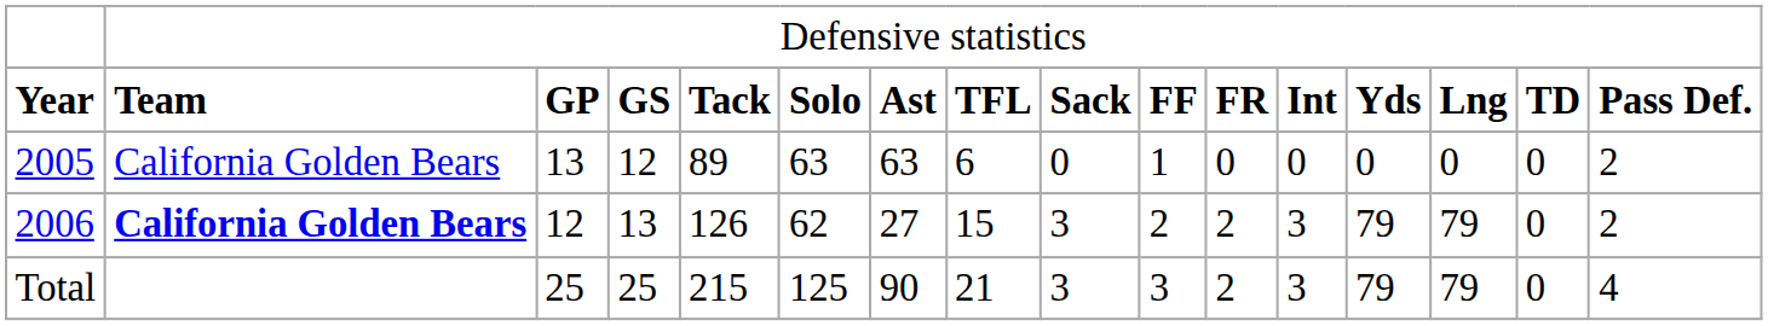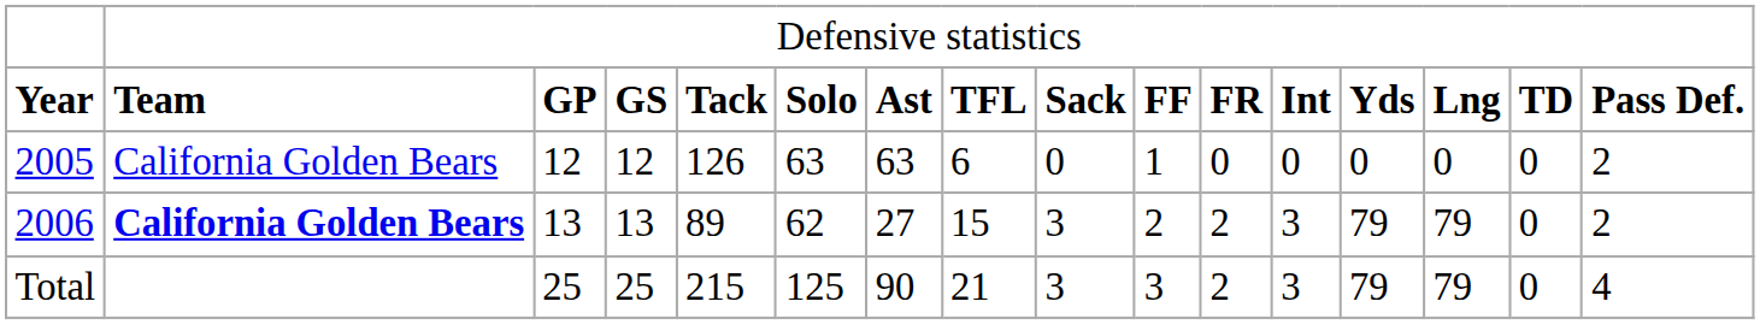 <table class="wikitable" border=0 style="background: #FFFFFF;">
 <tr>
 <td colspan=1></td>
 <td colspan=15 align="center">Defensive statistics</td>
 </tr>
 <tr>
 <td><strong>Year</strong></td>
 <td><strong>Team</strong></td>
 <td><strong>GP</strong></td>
 <td><strong>GS</strong></td>
 <td><strong>Tack</strong></td>
 <td><strong>Solo</strong></td>
 <td><strong>Ast</strong></td>
 <td><strong>TFL</strong></td>
 <td><strong>Sack</strong></td>
 <td><strong>FF</strong></td>
 <td><strong>FR</strong></td>
 <td><strong>Int</strong></td>
 <td><strong>Yds</strong></td>
 <td><strong>Lng</strong></td>
 <td><strong>TD</strong></td>
 <td><strong>Pass Def.</strong></td>
 </tr>
 <tr>
 <td><a href='#'>2005</a></td>
 <td><a href='#'>California Golden Bears</a></td>
-<td>13</td>
 <td>12</td>
-<td>89</td>
+<td>12</td>
+<td>126</td>
 <td>63</td>
 <td>63</td>
 <td>6</td>
 <td>0</td>
 <td>1</td>
 <td>0</td>
 <td>0</td>
 <td>0</td>
 <td>0</td>
 <td>0</td>
 <td>2</td>
 </tr>
 <tr>
 <td><a href='#'>2006</a></td>
 <td><strong><a href='#'>California Golden Bears</a></strong></td>
-<td>12</td>
 <td>13</td>
-<td>126</td>
+<td>13</td>
+<td>89</td>
 <td>62</td>
 <td>27</td>
 <td>15</td>
 <td>3</td>
 <td>2</td>
 <td>2</td>
 <td>3</td>
 <td>79</td>
 <td>79</td>
 <td>0</td>
 <td>2</td>
 </tr>
 <tr>
 <td>Total</td>
 <td></td>
 <td>25</td>
 <td>25</td>
 <td>215</td>
 <td>125</td>
 <td>90</td>
 <td>21</td>
 <td>3</td>
 <td>3</td>
 <td>2</td>
 <td>3</td>
 <td>79</td>
 <td>79</td>
 <td>0</td>
 <td>4</td>
 </tr>
 </table>
